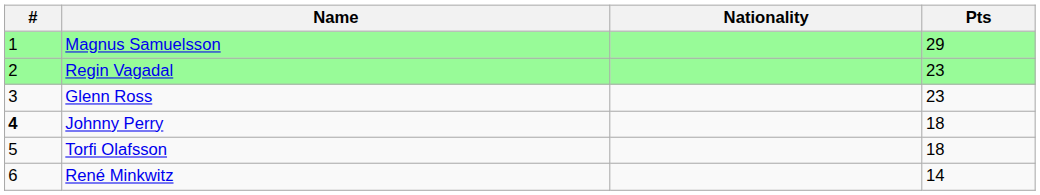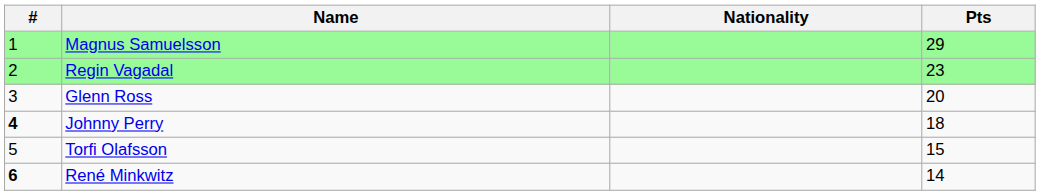 <table class="wikitable" style="display: inline-table; width: 50%;">
 <tr>
 <th>#</th>
 <th>Name</th>
 <th>Nationality</th>
 <th>Pts</th>
 </tr>
 <tr bgcolor=palegreen>
 <td>1</td>
 <td><a href='#'>Magnus Samuelsson</a></td>
 <td></td>
 <td>29</td>
 </tr>
 <tr bgcolor=palegreen>
 <td>2</td>
 <td><a href='#'>Regin Vagadal</a></td>
 <td></td>
 <td>23</td>
 </tr>
 <tr>
 <td>3</td>
 <td><a href='#'>Glenn Ross</a></td>
 <td></td>
-<td>23</td>
+<td>20</td>
 </tr>
 <tr>
 <td><strong>4</strong></td>
 <td><a href='#'>Johnny Perry</a></td>
 <td></td>
 <td>18</td>
 </tr>
 <tr>
 <td>5</td>
 <td><a href='#'>Torfi Olafsson</a></td>
 <td></td>
-<td>18</td>
+<td>15</td>
 </tr>
 <tr>
-<td>6</td>
+<td><strong>6</strong></td>
 <td><a href='#'>René Minkwitz</a></td>
 <td></td>
 <td>14</td>
 </tr>
 </table>
